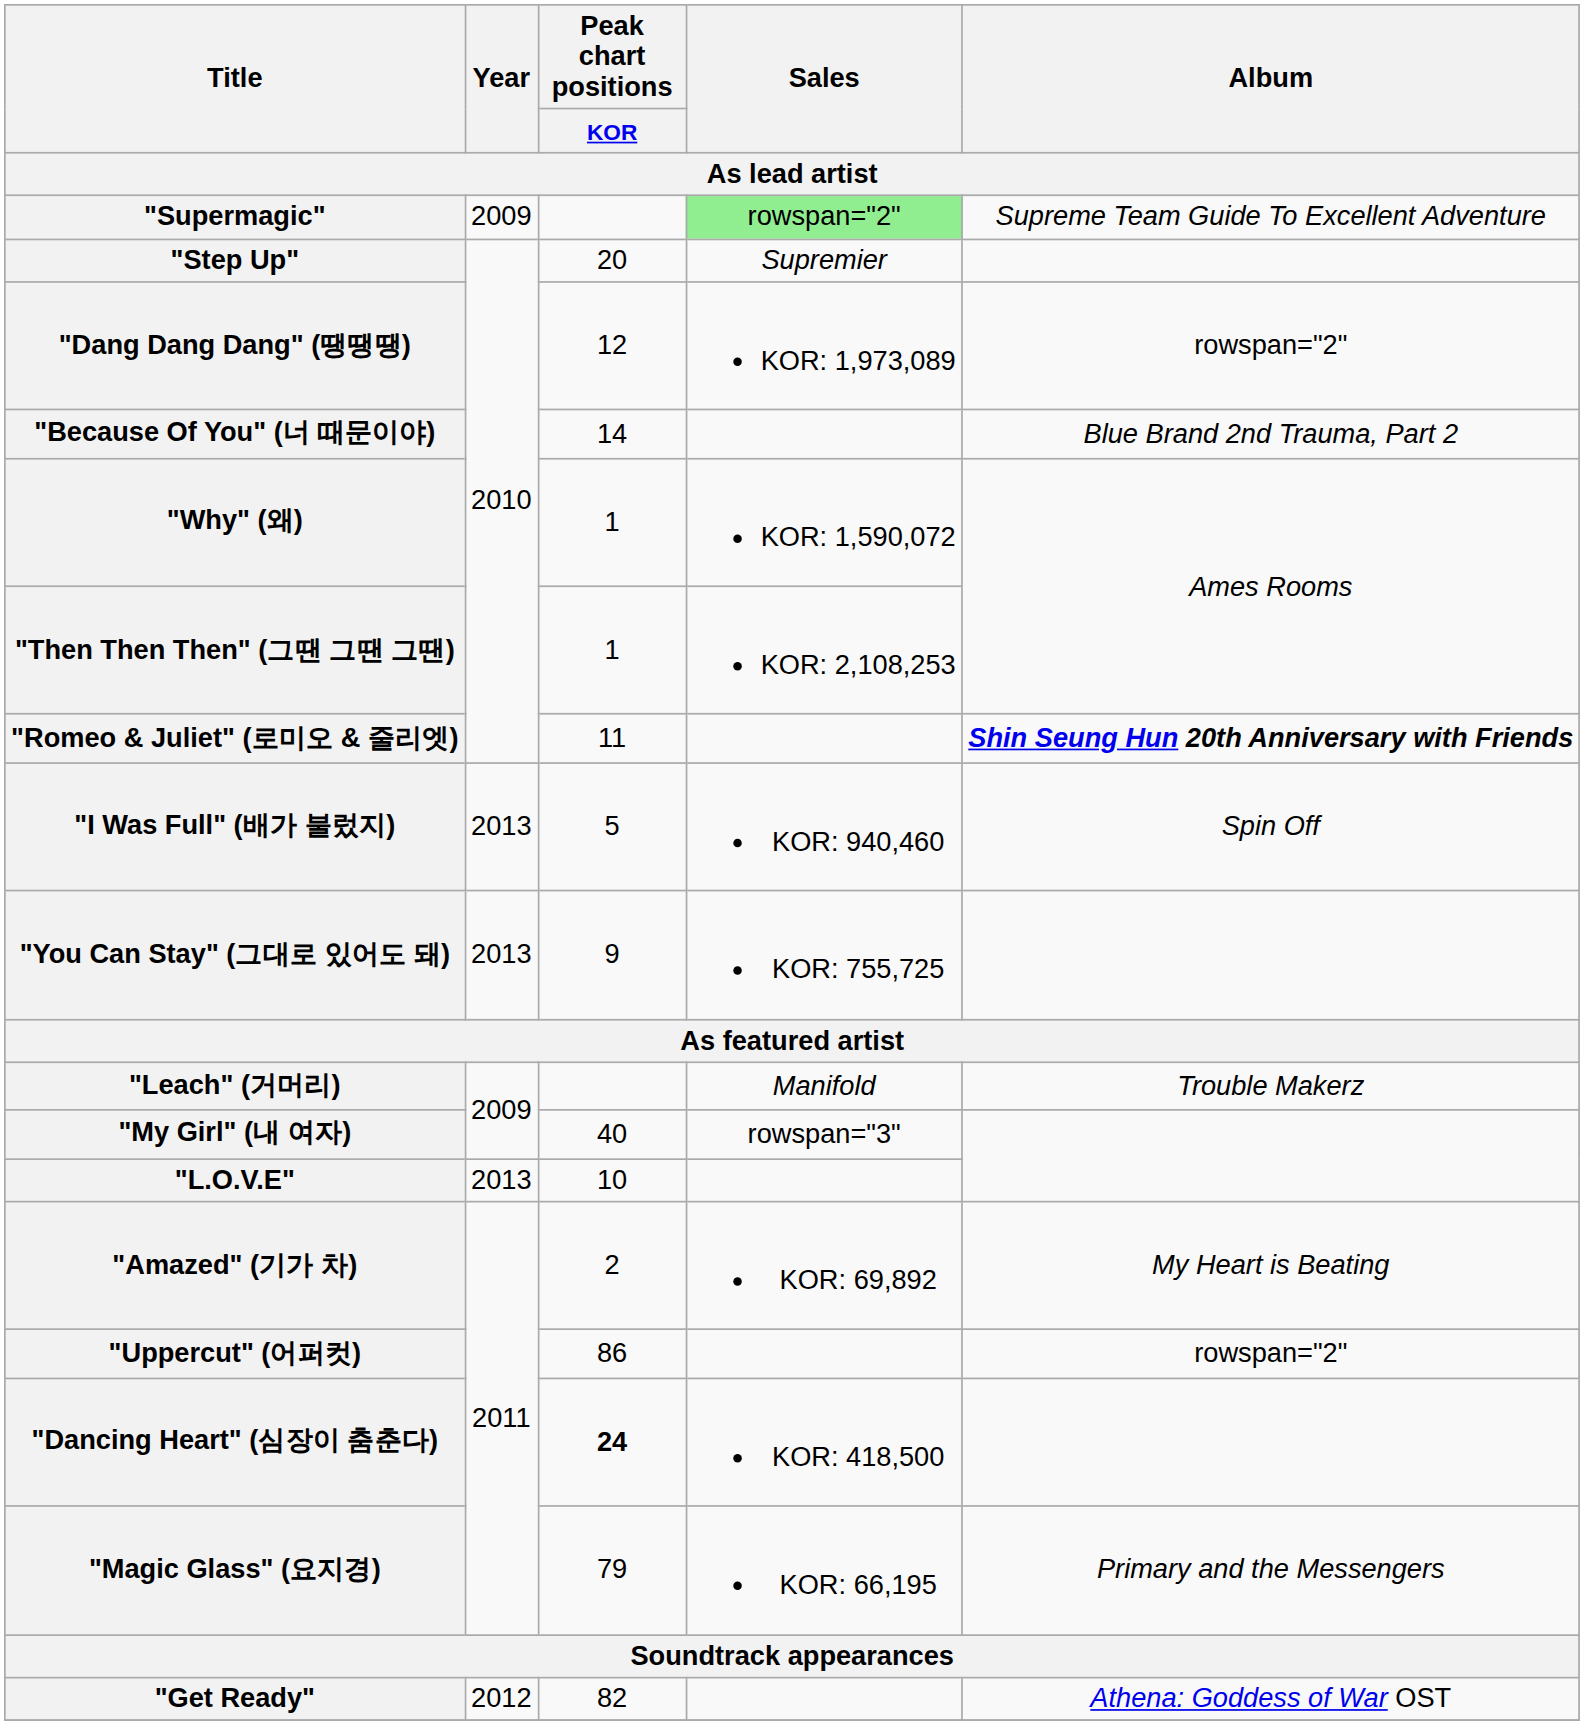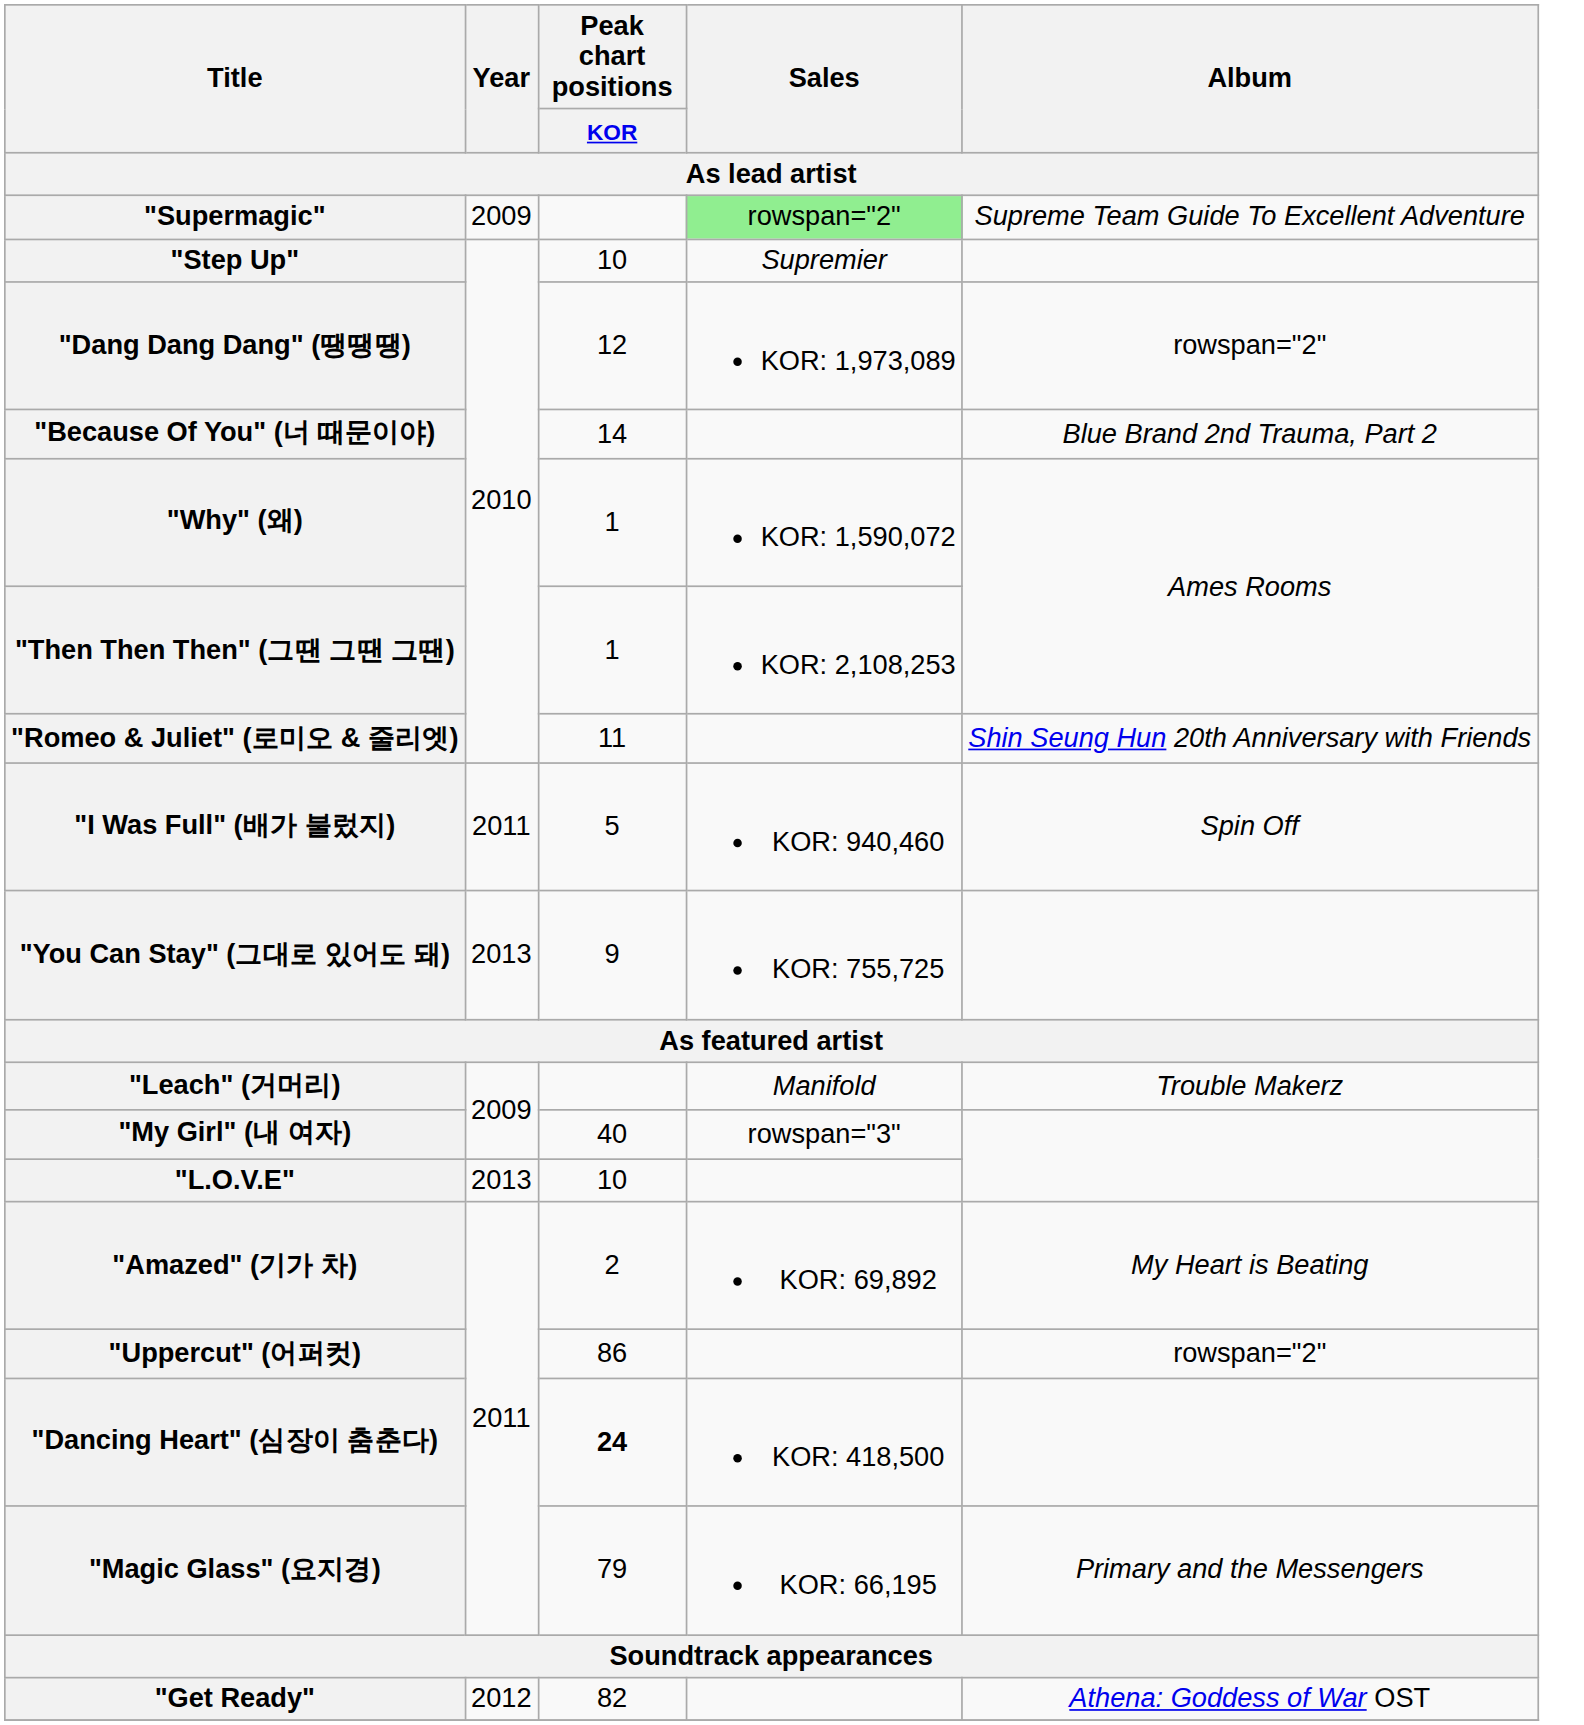 <table class="wikitable plainrowheaders" style="text-align:center;">
 <tr>
 <th scope="col" rowspan="2">Title</th>
 <th scope="col" rowspan="2">Year</th>
 <th scope="col" colspan="1" style="width:5em;">Peak chart positions</th>
 <th scope="col" rowspan="2">Sales</th>
 <th scope="col" rowspan="2">Album</th>
 </tr>
 <tr>
 <th><small><a href='#'>KOR</a></small><br></th>
 </tr>
 <tr>
 <th colspan="5">As lead artist</th>
 </tr>
 <tr>
 <th scope="row">"Supermagic"</th>
 <td>2009</td>
 <td></td>
 <td style="background: lightgreen;">rowspan="2" </td>
 <td><em>Supreme Team Guide To Excellent Adventure</em></td>
 </tr>
 <tr>
 <th scope="row">"Step Up"</th>
 <td rowspan="6">2010</td>
-<td>20</td>
+<td>10</td>
 <td><em>Supremier</em></td>
 </tr>
 <tr>
 <th scope="row">"Dang Dang Dang" (땡땡땡)</th>
 <td>12</td>
 <td><br><ul><li>KOR: 1,973,089</li></ul></td>
 <td>rowspan="2" </td>
 </tr>
 <tr>
 <th scope="row">"Because Of You" (너 때문이야)<br></th>
 <td>14</td>
 <td></td>
 <td><em>Blue Brand 2nd Trauma, Part 2</em></td>
 </tr>
 <tr>
 <th scope="row">"Why" (왜)<br></th>
 <td>1</td>
 <td><br><ul><li>KOR: 1,590,072</li></ul></td>
 <td rowspan="2"><em>Ames Rooms</em></td>
 </tr>
 <tr>
 <th scope="row">"Then Then Then" (그땐 그땐 그땐)<br></th>
 <td>1</td>
 <td><br><ul><li>KOR: 2,108,253</li></ul></td>
 </tr>
 <tr>
 <th scope="row">"Romeo & Juliet" (로미오 & 줄리엣)</th>
 <td>11</td>
 <td></td>
-<td><strong><em><a href='#'>Shin Seung Hun</a> 20th Anniversary with Friends</em></strong></td>
+<td><em><a href='#'>Shin Seung Hun</a> 20th Anniversary with Friends</em></td>
 </tr>
 <tr>
 <th scope="row">"I Was Full" (배가 불렀지)<br></th>
-<td>2013</td>
+<td>2011</td>
 <td>5</td>
 <td><br><ul><li>KOR: 940,460</li></ul></td>
 <td><em>Spin Off</em></td>
 </tr>
 <tr>
 <th scope="row">"You Can Stay" (그대로 있어도 돼)<br></th>
 <td>2013</td>
 <td>9</td>
 <td><br><ul><li>KOR: 755,725</li></ul></td>
 </tr>
 <tr>
 <th colspan="5">As featured artist</th>
 </tr>
 <tr>
 <th scope="row">"Leach" (거머리)<br></th>
 <td rowspan="2">2009</td>
 <td></td>
 <td><em>Manifold</em></td>
 <td><em>Trouble Makerz</em></td>
 </tr>
 <tr>
 <th scope="row">"My Girl" (내 여자)<br></th>
 <td>40</td>
 <td>rowspan="3" </td>
 </tr>
 <tr>
 <th scope="row">"L.O.V.E"<br></th>
 <td>2013</td>
 <td>10</td>
 <td></td>
 </tr>
 <tr>
 <th scope="row">"Amazed" (기가 차)<br></th>
 <td rowspan="4">2011</td>
 <td>2</td>
 <td><br><ul><li>KOR: 69,892</li></ul></td>
 <td><em>My Heart is Beating</em></td>
 </tr>
 <tr>
 <th scope="row">"Uppercut" (어퍼컷)<br></th>
 <td>86</td>
 <td></td>
 <td>rowspan="2" </td>
 </tr>
 <tr>
 <th scope="row">"Dancing Heart" (심장이 춤춘다)<br></th>
 <td><strong>24</strong></td>
 <td><br><ul><li>KOR: 418,500</li></ul></td>
 </tr>
 <tr>
 <th scope="row">"Magic Glass" (요지경)<br></th>
 <td>79</td>
 <td><br><ul><li>KOR: 66,195</li></ul></td>
 <td><em>Primary and the Messengers</em></td>
 </tr>
 <tr>
 <th colspan="5">Soundtrack appearances</th>
 </tr>
 <tr>
 <th scope="row">"Get Ready"</th>
 <td>2012</td>
 <td>82</td>
 <td></td>
 <td><em><a href='#'>Athena: Goddess of War</a></em> OST</td>
 </tr>
 <tr>
 </tr>
 </table>
